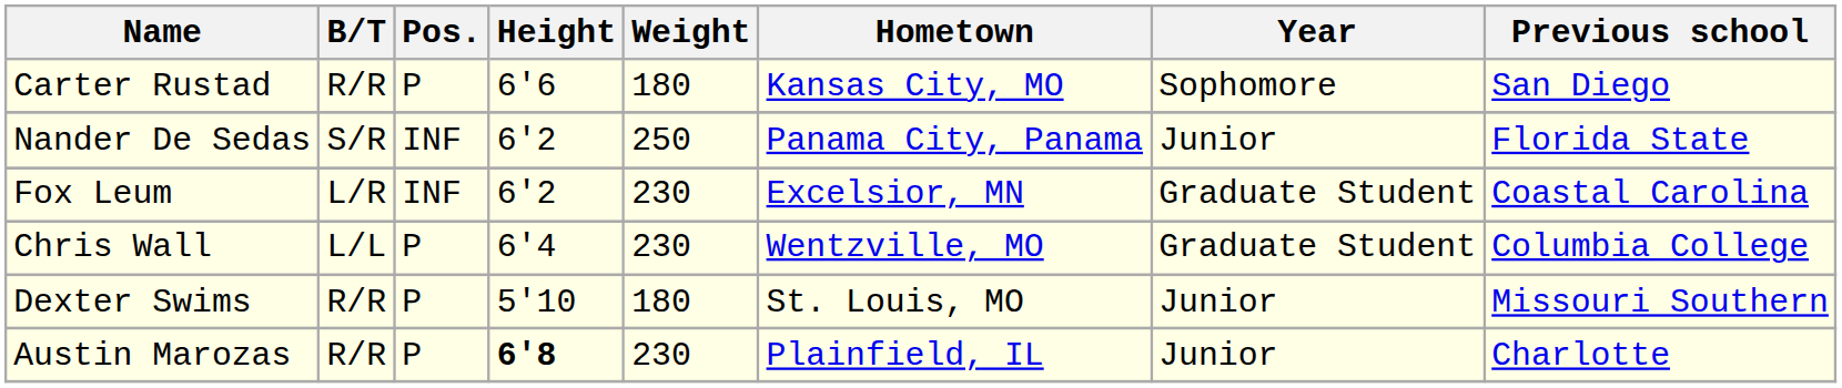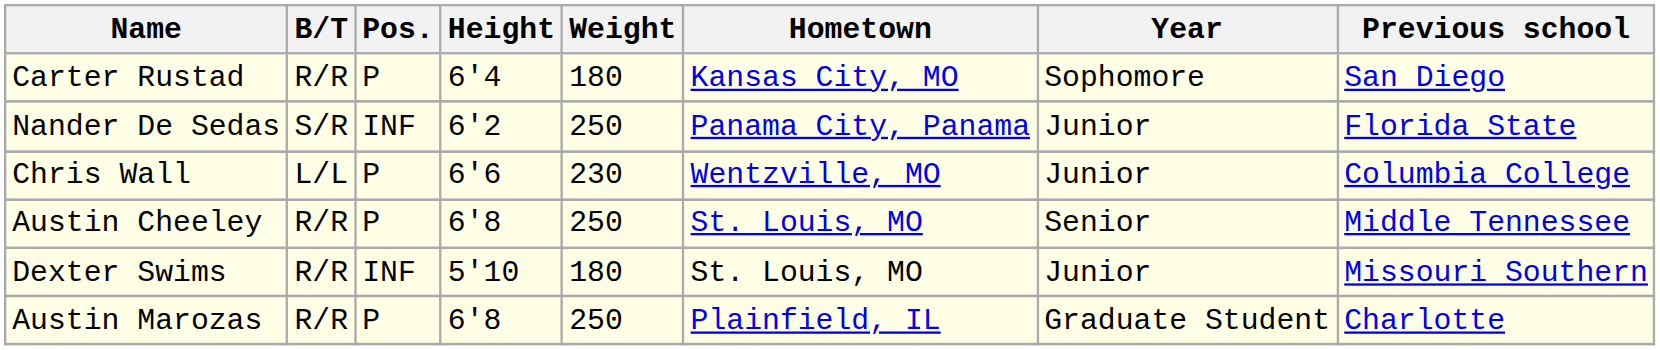 <table class="wikitable sortable">
 <tr>
 <th style="text-align:center; ">Name</th>
 <th style="text-align:center; ">B/T</th>
 <th style="text-align:center; ">Pos.</th>
 <th style="text-align:center; ">Height</th>
 <th style="text-align:center; ">Weight</th>
 <th style="text-align:center; ">Hometown</th>
 <th style="text-align:center; ">Year</th>
 <th style="text-align:center; ">Previous school</th>
 </tr>
 <tr style="background:#FFFFE6;">
 <td>Carter Rustad</td>
 <td>R/R</td>
 <td>P</td>
-<td>6'6</td>
+<td>6'4</td>
 <td>180</td>
 <td><a href='#'>Kansas City, MO</a></td>
 <td>Sophomore</td>
 <td><a href='#'>San Diego</a></td>
 </tr>
 <tr>
 </tr>
 <tr style="background:#FFFFE6;">
 <td>Nander De Sedas</td>
 <td>S/R</td>
 <td>INF</td>
 <td>6'2</td>
 <td>250</td>
 <td><a href='#'>Panama City, Panama</a></td>
 <td>Junior</td>
 <td><a href='#'>Florida State</a></td>
 </tr>
 <tr>
 </tr>
-<tr style="background:#FFFFE6;">
-<td>Fox Leum</td>
-<td>L/R</td>
-<td>INF</td>
-<td>6'2</td>
-<td>230</td>
-<td><a href='#'>Excelsior, MN</a></td>
-<td>Graduate Student</td>
-<td><a href='#'>Coastal Carolina</a></td>
-</tr>
 <tr>
 </tr>
 <tr style="background:#FFFFE6;">
 <td>Chris Wall</td>
 <td>L/L</td>
 <td>P</td>
-<td>6'4</td>
+<td>6'6</td>
 <td>230</td>
 <td><a href='#'>Wentzville, MO</a></td>
-<td>Graduate Student</td>
+<td>Junior</td>
 <td><a href='#'>Columbia College</a></td>
 </tr>
 <tr>
+</tr>
+<tr style="background:#FFFFE6;">
+<td>Austin Cheeley</td>
+<td>R/R</td>
+<td>P</td>
+<td>6'8</td>
+<td>250</td>
+<td><a href='#'>St. Louis, MO</a></td>
+<td>Senior</td>
+<td><a href='#'>Middle Tennessee</a></td>
 </tr>
 <tr>
 </tr>
 <tr style="background:#FFFFE6;">
 <td>Dexter Swims</td>
 <td>R/R</td>
-<td>P</td>
+<td>INF</td>
 <td>5'10</td>
 <td>180</td>
 <td>St. Louis, MO</td>
 <td>Junior</td>
 <td><a href='#'>Missouri Southern</a></td>
 </tr>
 <tr>
 </tr>
 <tr style="background:#FFFFE6;">
 <td>Austin Marozas</td>
 <td>R/R</td>
 <td>P</td>
-<td><strong>6'8</strong></td>
-<td>230</td>
+<td>6'8</td>
+<td>250</td>
 <td><a href='#'>Plainfield, IL</a></td>
-<td>Junior</td>
+<td>Graduate Student</td>
 <td><a href='#'>Charlotte</a></td>
 </tr>
 <tr>
 </tr>
 </table>
